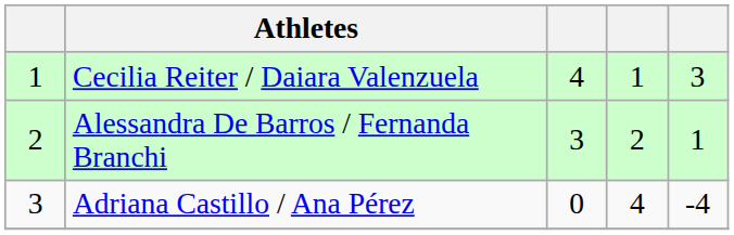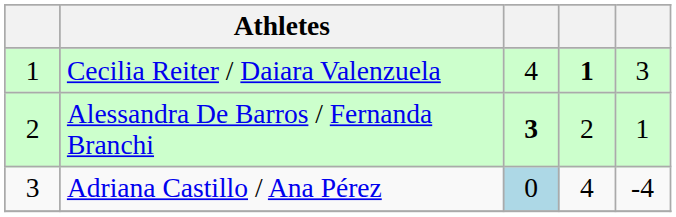 <table class="wikitable" style="text-align: center; font-size:100% ">
 <tr>
 <th width=25></th>
 <th width=250>Athletes</th>
 <th width=25></th>
 <th width=25></th>
 <th width=25></th>
 </tr>
 <tr bgcolor="ccffcc">
 <td>1</td>
 <td align=left> <a href='#'>Cecilia Reiter</a> / <a href='#'>Daiara Valenzuela</a></td>
 <td>4</td>
-<td>1</td>
+<td><strong>1</strong></td>
 <td>3</td>
 </tr>
 <tr bgcolor="ccffcc">
 <td>2</td>
 <td align=left> <a href='#'>Alessandra De Barros</a> / <a href='#'>Fernanda Branchi</a></td>
-<td>3</td>
+<td><strong>3</strong></td>
 <td>2</td>
 <td>1</td>
 </tr>
 <tr>
 <td>3</td>
 <td align=left> <a href='#'>Adriana Castillo</a> / <a href='#'>Ana Pérez</a></td>
-<td>0</td>
+<td style="background: lightblue;">0</td>
 <td>4</td>
 <td>-4</td>
 </tr>
 <tr>
 </tr>
 </table>
